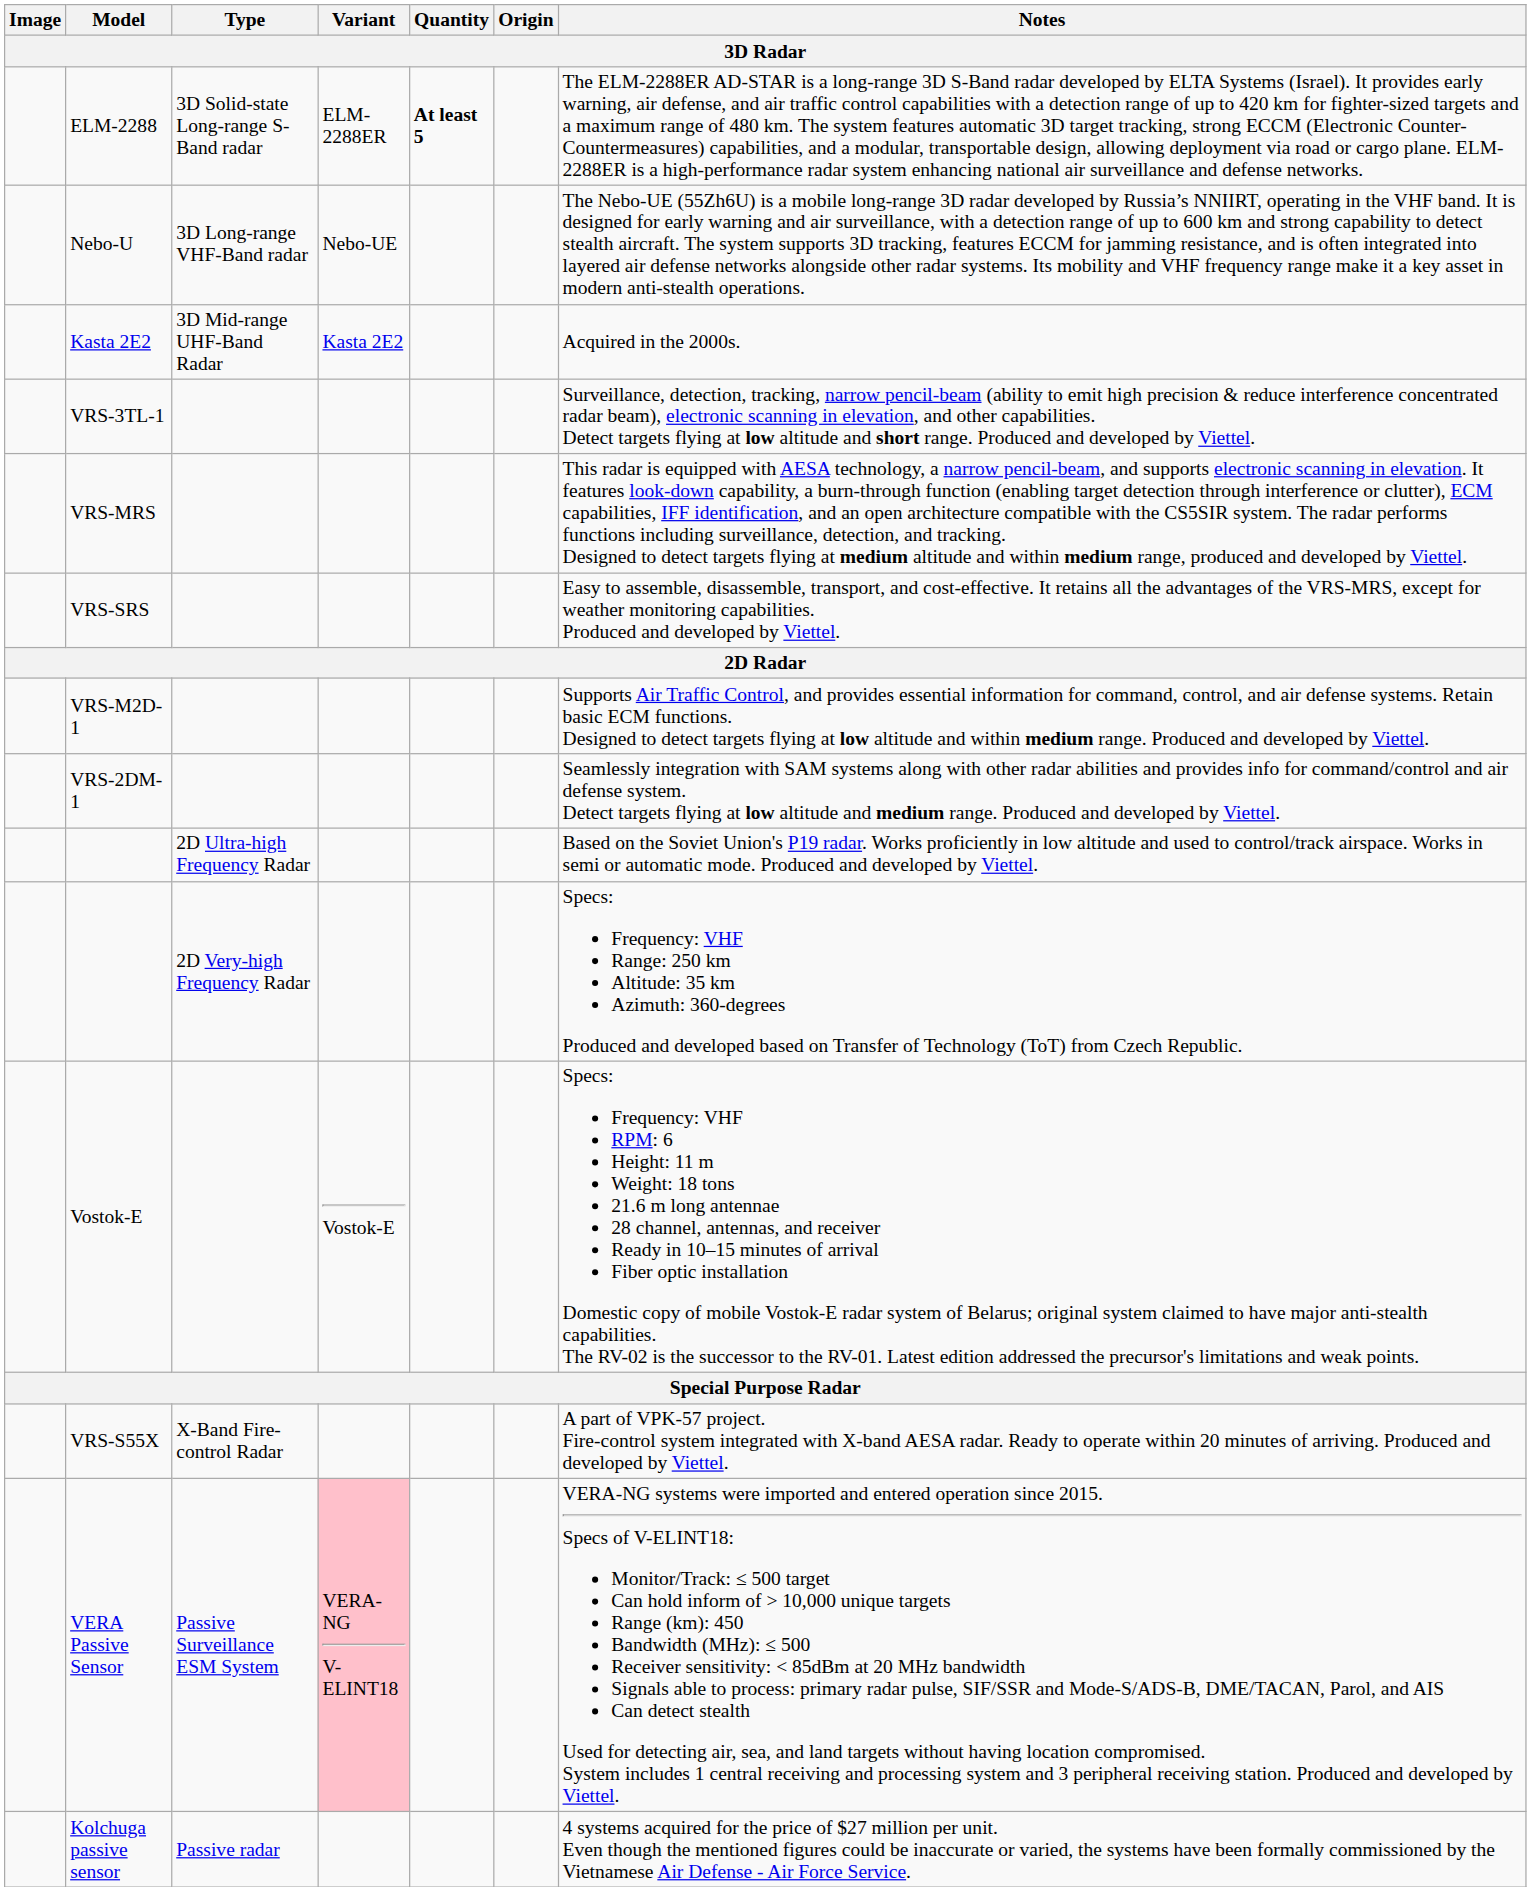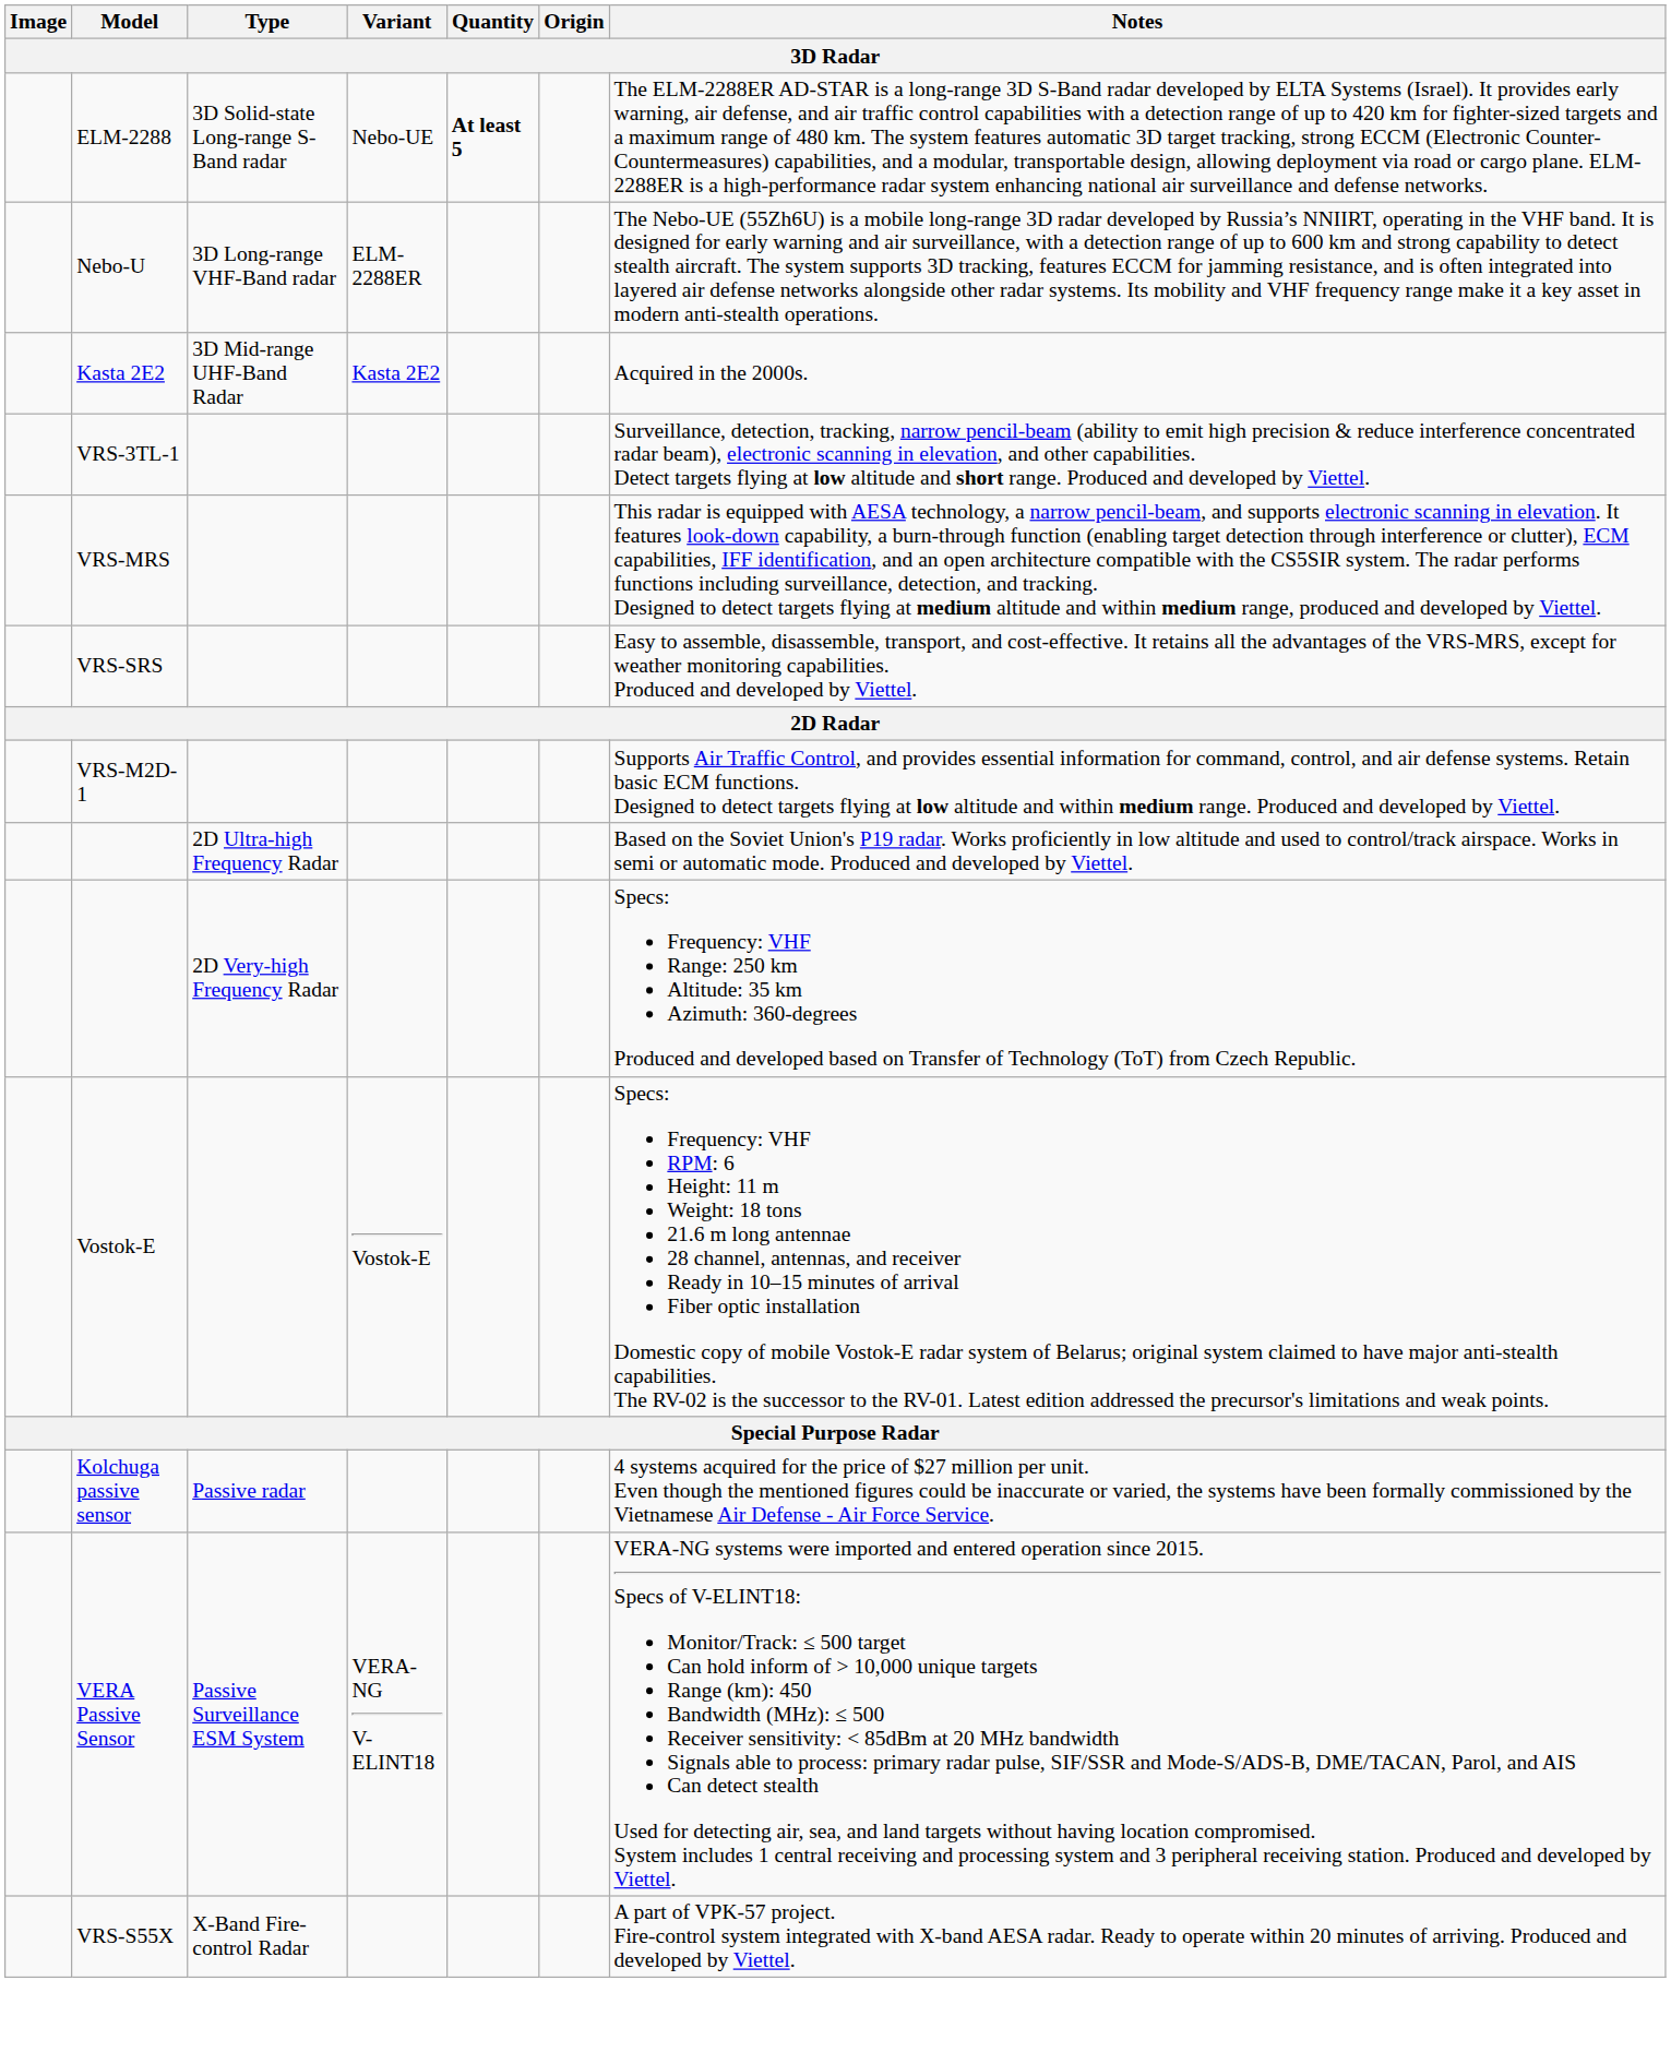 <table class="wikitable">
 <tr>
 <th>Image</th>
 <th>Model</th>
 <th>Type</th>
 <th>Variant</th>
 <th>Quantity</th>
 <th>Origin</th>
 <th>Notes</th>
 </tr>
 <tr>
 <th colspan="7">3D Radar</th>
 </tr>
 <tr>
 <td></td>
 <td>ELM-2288</td>
 <td>3D Solid-state Long-range S-Band radar</td>
-<td>ELM-2288ER</td>
+<td>Nebo-UE</td>
 <td><strong>At least 5</strong></td>
 <td></td>
 <td>The ELM-2288ER AD-STAR is a long-range 3D S-Band radar developed by ELTA Systems (Israel). It provides early warning, air defense, and air traffic control capabilities with a detection range of up to 420 km for fighter-sized targets and a maximum range of 480 km. The system features automatic 3D target tracking, strong ECCM (Electronic Counter-Countermeasures) capabilities, and a modular, transportable design, allowing deployment via road or cargo plane. ELM-2288ER is a high-performance radar system enhancing national air surveillance and defense networks.</td>
 </tr>
 <tr>
 <td></td>
 <td>Nebo-U</td>
 <td>3D Long-range VHF-Band radar</td>
-<td>Nebo-UE</td>
+<td>ELM-2288ER</td>
 <td></td>
 <td></td>
 <td>The Nebo-UE (55Zh6U) is a mobile long-range 3D radar developed by Russia’s NNIIRT, operating in the VHF band. It is designed for early warning and air surveillance, with a detection range of up to 600 km and strong capability to detect stealth aircraft. The system supports 3D tracking, features ECCM for jamming resistance, and is often integrated into layered air defense networks alongside other radar systems. Its mobility and VHF frequency range make it a key asset in modern anti-stealth operations.</td>
 </tr>
 <tr>
 <td></td>
 <td><a href='#'>Kasta 2E2</a></td>
 <td>3D Mid-range UHF-Band Radar</td>
 <td><a href='#'>Kasta 2E2</a></td>
 <td></td>
 <td></td>
 <td>Acquired in the 2000s.</td>
 </tr>
 <tr>
 <td></td>
 <td>VRS-3TL-1</td>
 <td></td>
 <td></td>
 <td></td>
 <td></td>
 <td>Surveillance, detection, tracking, <a href='#'>narrow pencil-beam</a> (ability to emit high precision & reduce interference concentrated radar beam), <a href='#'>electronic scanning in elevation</a>, and other capabilities.<br>Detect targets flying at <strong>low</strong> altitude and <strong>short</strong> range. Produced and developed by <a href='#'>Viettel</a>.</td>
 </tr>
 <tr>
 <td><br></td>
 <td>VRS-MRS</td>
 <td></td>
 <td></td>
 <td></td>
 <td></td>
 <td>This radar is equipped with <a href='#'>AESA</a> technology, a <a href='#'>narrow pencil-beam</a>, and supports <a href='#'>electronic scanning in elevation</a>. It features <a href='#'>look-down</a> capability, a burn-through function (enabling target detection through interference or clutter), <a href='#'>ECM</a> capabilities, <a href='#'>IFF identification</a>, and an open architecture compatible with the CS5SIR system. The radar performs functions including surveillance, detection, and tracking.<br>Designed to detect targets flying at <strong>medium</strong> altitude and within <strong>medium</strong> range, produced and developed by <a href='#'>Viettel</a>.</td>
 </tr>
 <tr>
 <td></td>
 <td>VRS-SRS</td>
 <td></td>
 <td></td>
 <td></td>
 <td></td>
 <td>Easy to assemble, disassemble, transport, and cost-effective. It retains all the advantages of the VRS-MRS, except for weather monitoring capabilities.<br>Produced and developed by <a href='#'>Viettel</a>.</td>
 </tr>
 <tr>
 <th colspan="7">2D Radar</th>
 </tr>
 <tr>
 <td></td>
 <td>VRS-M2D-1</td>
 <td></td>
 <td></td>
 <td></td>
 <td></td>
 <td>Supports <a href='#'>Air Traffic Control</a>, and provides essential information for command, control, and air defense systems. Retain basic ECM functions.<br>Designed to detect targets flying at <strong>low</strong> altitude and within <strong>medium</strong> range. Produced and developed by <a href='#'>Viettel</a>.</td>
 </tr>
 <tr>
 <td></td>
-<td>VRS-2DM-1</td>
-<td></td>
-<td></td>
-<td></td>
-<td></td>
-<td>Seamlessly integration with SAM systems along with other radar abilities and provides info for command/control and air defense system.<br>Detect targets flying at <strong>low</strong> altitude and <strong>medium</strong> range. Produced and developed by <a href='#'>Viettel</a>.</td>
-</tr>
-<tr>
-<td></td>
 <td></td>
 <td>2D <a href='#'>Ultra-high Frequency</a> Radar</td>
 <td></td>
 <td></td>
 <td><br></td>
 <td>Based on the Soviet Union's <a href='#'>P19 radar</a>. Works proficiently in low altitude and used to control/track airspace. Works in semi or automatic mode. Produced and developed by <a href='#'>Viettel</a>.</td>
 </tr>
 <tr>
 <td></td>
 <td></td>
 <td>2D <a href='#'>Very-high Frequency</a> Radar</td>
 <td></td>
 <td></td>
 <td><br><br></td>
 <td>Specs:<br><ul><li>Frequency: <a href='#'>VHF</a></li><li>Range: 250 km</li><li>Altitude: 35 km</li><li>Azimuth: 360-degrees</li></ul>Produced and developed based on Transfer of Technology (ToT) from Czech Republic.</td>
 </tr>
 <tr>
 <td></td>
 <td>Vostok-E</td>
 <td></td>
 <td><hr> Vostok-E</td>
 <td></td>
 <td><br></td>
 <td>Specs:<br><ul><li>Frequency: VHF</li><li><a href='#'>RPM</a>: 6</li><li>Height: 11 m</li><li>Weight: 18 tons</li><li>21.6 m long antennae</li><li>28 channel, antennas, and receiver</li><li>Ready in 10–15 minutes of arrival</li><li>Fiber optic installation</li></ul>Domestic copy of mobile Vostok-E radar system of Belarus; original system claimed to have major anti-stealth capabilities.<br>The RV-02 is the successor to the RV-01. Latest edition addressed the precursor's limitations and weak points.</td>
 </tr>
 <tr>
 <th colspan="7">Special Purpose Radar</th>
 </tr>
 <tr>
 <td></td>
+<td><a href='#'>Kolchuga passive sensor</a></td>
+<td><a href='#'>Passive radar</a></td>
+<td></td>
+<td></td>
+<td></td>
+<td>4 systems acquired for the price of $27 million per unit.<br>Even though the mentioned figures could be inaccurate or varied, the systems have been formally commissioned by the Vietnamese <a href='#'>Air Defense - Air Force Service</a>.</td>
+</tr>
+<tr>
+<td></td>
+<td><a href='#'>VERA Passive Sensor</a></td>
+<td><a href='#'>Passive Surveillance ESM System</a></td>
+<td>VERA-NG<hr>V-ELINT18</td>
+<td></td>
+<td><br></td>
+<td>VERA-NG systems were imported and entered operation since 2015.<br><hr> Specs of V-ELINT18:<ul><li>Monitor/Track: ≤ 500 target</li><li>Can hold inform of > 10,000 unique targets</li><li>Range (km): 450</li><li>Bandwidth (MHz): ≤ 500</li><li>Receiver sensitivity: < 85dBm at 20 MHz bandwidth</li><li>Signals able to process: primary radar pulse, SIF/SSR and Mode-S/ADS-B, DME/TACAN, Parol, and AIS</li><li>Can detect stealth</li></ul>Used for detecting air, sea, and land targets without having location compromised.<br>System includes 1 central receiving and processing system and 3 peripheral receiving station. Produced and developed by <a href='#'>Viettel</a>.</td>
+</tr>
+<tr>
+<td></td>
 <td>VRS-S55X</td>
 <td>X-Band Fire-control Radar</td>
 <td></td>
 <td></td>
 <td></td>
 <td>A part of VPK-57 project.<br>Fire-control system integrated with X-band AESA radar. Ready to operate within 20 minutes of arriving. Produced and developed by <a href='#'>Viettel</a>.</td>
 </tr>
-<tr>
-<td></td>
-<td><a href='#'>VERA Passive Sensor</a></td>
-<td><a href='#'>Passive Surveillance ESM System</a></td>
-<td style="background: pink;">VERA-NG<hr>V-ELINT18</td>
-<td></td>
-<td><br></td>
-<td>VERA-NG systems were imported and entered operation since 2015.<br><hr> Specs of V-ELINT18:<ul><li>Monitor/Track: ≤ 500 target</li><li>Can hold inform of > 10,000 unique targets</li><li>Range (km): 450</li><li>Bandwidth (MHz): ≤ 500</li><li>Receiver sensitivity: < 85dBm at 20 MHz bandwidth</li><li>Signals able to process: primary radar pulse, SIF/SSR and Mode-S/ADS-B, DME/TACAN, Parol, and AIS</li><li>Can detect stealth</li></ul>Used for detecting air, sea, and land targets without having location compromised.<br>System includes 1 central receiving and processing system and 3 peripheral receiving station. Produced and developed by <a href='#'>Viettel</a>.</td>
-</tr>
-<tr>
-<td></td>
-<td><a href='#'>Kolchuga passive sensor</a></td>
-<td><a href='#'>Passive radar</a></td>
-<td></td>
-<td></td>
-<td></td>
-<td>4 systems acquired for the price of $27 million per unit.<br>Even though the mentioned figures could be inaccurate or varied, the systems have been formally commissioned by the Vietnamese <a href='#'>Air Defense - Air Force Service</a>.</td>
-</tr>
 </table>
